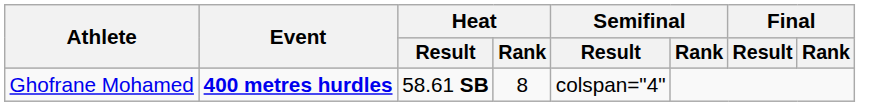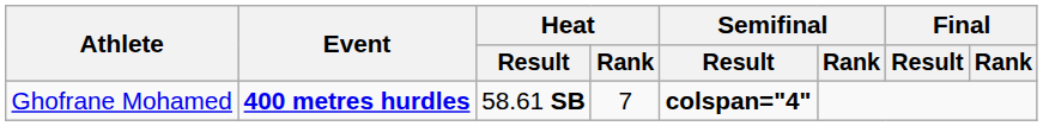 <table class="wikitable" style="font-size:90%">
 <tr>
 <th rowspan="2">Athlete</th>
 <th rowspan="2">Event</th>
 <th colspan="2">Heat</th>
 <th colspan="2">Semifinal</th>
 <th colspan="2">Final</th>
 </tr>
 <tr style="font-size:95%">
 <th>Result</th>
 <th>Rank</th>
 <th>Result</th>
 <th>Rank</th>
 <th>Result</th>
 <th>Rank</th>
 </tr>
 <tr style=text-align:center>
 <td style=text-align:left><a href='#'>Ghofrane Mohamed</a></td>
 <td style=text-align:left><strong><a href='#'>400 metres hurdles</a></strong></td>
 <td>58.61 <strong>SB</strong></td>
-<td>8</td>
-<td>colspan="4" </td>
+<td>7</td>
+<td><strong>colspan="4" </strong></td>
 </tr>
 </table>
